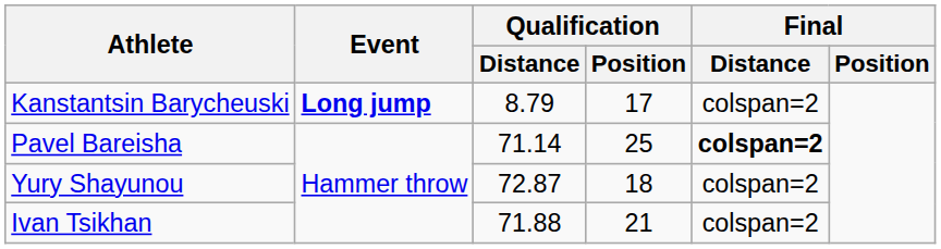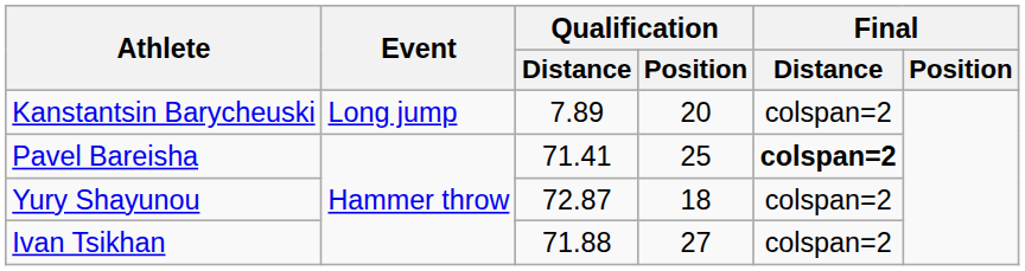 <table class=wikitable style="font-size:90%">
 <tr>
 <th rowspan="2">Athlete</th>
 <th rowspan="2">Event</th>
 <th colspan="2">Qualification</th>
 <th colspan="2">Final</th>
 </tr>
 <tr style="font-size:95%">
 <th>Distance</th>
 <th>Position</th>
 <th>Distance</th>
 <th>Position</th>
 </tr>
 <tr style=text-align:center>
 <td style=text-align:left><a href='#'>Kanstantsin Barycheuski</a></td>
-<td style=text-align:left><strong><a href='#'>Long jump</a></strong></td>
-<td>8.79</td>
-<td>17</td>
+<td style=text-align:left><a href='#'>Long jump</a></td>
+<td>7.89</td>
+<td>20</td>
 <td>colspan=2 </td>
 </tr>
 <tr style=text-align:center>
 <td style=text-align:left><a href='#'>Pavel Bareisha</a></td>
 <td style=text-align:left rowspan=3><a href='#'>Hammer throw</a></td>
-<td>71.14</td>
+<td>71.41</td>
 <td>25</td>
 <td><strong>colspan=2 </strong></td>
 </tr>
 <tr style=text-align:center>
 <td style=text-align:left><a href='#'>Yury Shayunou</a></td>
 <td>72.87</td>
 <td>18</td>
 <td>colspan=2 </td>
 </tr>
 <tr style=text-align:center>
 <td style=text-align:left><a href='#'>Ivan Tsikhan</a></td>
 <td>71.88</td>
-<td>21</td>
+<td>27</td>
 <td>colspan=2 </td>
 </tr>
 </table>
